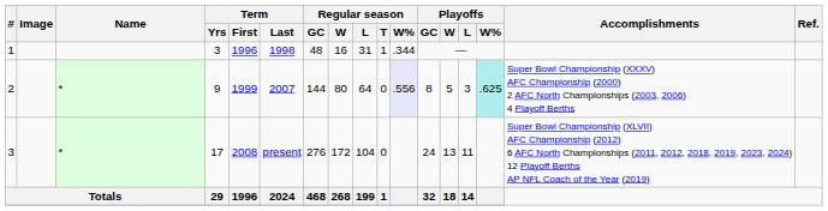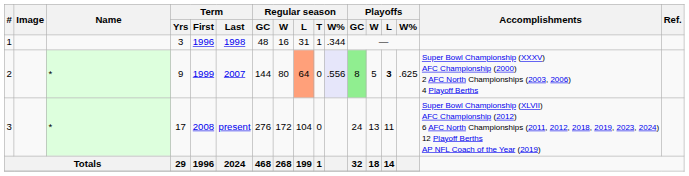 <table class="wikitable sortable" style="text-align:center;">
 <tr>
 <th rowspan="2" class="unsortable">#</th>
 <th rowspan="2" class="unsortable">Image</th>
 <th rowspan="2" width="200">Name</th>
 <th colspan="3">Term</th>
 <th colspan="5">Regular season</th>
 <th colspan="4">Playoffs</th>
 <th rowspan="2" class="unsortable">Accomplishments</th>
 <th rowspan="2" class="unsortable">Ref.</th>
 </tr>
 <tr>
 <th>Yrs</th>
 <th>First</th>
 <th>Last</th>
 <th>GC</th>
 <th>W</th>
 <th>L</th>
 <th>T</th>
 <th>W%</th>
 <th>GC</th>
 <th>W</th>
 <th>L</th>
 <th>W%</th>
 </tr>
 <tr>
 <td>1</td>
 <td></td>
 <td align="left"></td>
 <td>3</td>
 <td><a href='#'>1996</a></td>
 <td><a href='#'>1998</a></td>
 <td>48</td>
 <td>16</td>
 <td>31</td>
 <td>1</td>
 <td>.344</td>
 <td colspan="4">—</td>
 <td></td>
 <td></td>
 </tr>
 <tr>
 <td>2</td>
 <td></td>
 <td align="left" style="background-color:#ddffdd">*</td>
 <td>9</td>
 <td><a href='#'>1999</a></td>
 <td><a href='#'>2007</a></td>
 <td>144</td>
 <td>80</td>
-<td>64</td>
+<td style="background: lightsalmon;">64</td>
 <td>0</td>
 <td style="background: lavender;">.556</td>
-<td>8</td>
+<td style="background: lightgreen;">8</td>
 <td>5</td>
-<td>3</td>
-<td style="background: paleturquoise;">.625</td>
+<td><strong>3</strong></td>
+<td>.625</td>
 <td align="left"><small><a href='#'>Super Bowl Championship</a> (<a href='#'>XXXV</a>) <br><a href='#'>AFC Championship</a> (<a href='#'>2000</a>) <br>2 <a href='#'>AFC North</a> Championships (<a href='#'>2003</a>, <a href='#'>2006</a>)<br>4 <a href='#'>Playoff Berths</a></small></td>
 <td></td>
 </tr>
 <tr>
 <td>3</td>
 <td></td>
 <td align="left" style="background-color:#ddffdd">*</td>
 <td>17</td>
 <td><a href='#'>2008</a></td>
 <td><a href='#'>present</a></td>
 <td>276</td>
 <td>172</td>
 <td>104</td>
 <td>0</td>
 <td></td>
 <td>24</td>
 <td>13</td>
 <td>11</td>
 <td></td>
 <td align="left"><small><a href='#'>Super Bowl Championship</a> (<a href='#'>XLVII</a>) <br><a href='#'>AFC Championship</a> (<a href='#'>2012</a>)<br>6 <a href='#'>AFC North</a> Championships (<a href='#'>2011</a>, <a href='#'>2012</a>, <a href='#'>2018</a>, <a href='#'>2019</a>, <a href='#'>2023</a>, <a href='#'>2024</a>)<br>12 <a href='#'>Playoff Berths</a> <br> <a href='#'>AP NFL Coach of the Year</a> (<a href='#'>2019</a>)</small></td>
 <td></td>
 </tr>
 <tr>
 <th colspan=3>Totals</th>
 <th>29</th>
 <th>1996</th>
 <th>2024</th>
 <th>468</th>
 <th>268</th>
 <th>199</th>
 <th>1</th>
 <th></th>
 <th>32</th>
 <th>18</th>
 <th>14</th>
 <th></th>
 </tr>
 <tr>
 </tr>
 </table>
